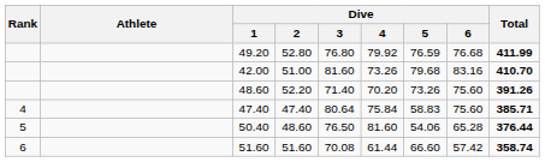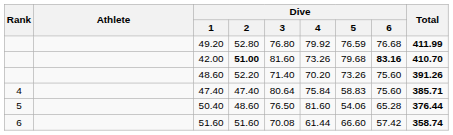 <table class="wikitable" style="text-align:center">
 <tr>
 <th rowspan="2" width="40">Rank</th>
 <th rowspan="2" width="250">Athlete</th>
 <th colspan="6">Dive</th>
 <th rowspan="2" width="60">Total</th>
 </tr>
 <tr>
 <th width="50">1</th>
 <th width="50">2</th>
 <th width="50">3</th>
 <th width="50">4</th>
 <th width="50">5</th>
 <th width="50">6</th>
 </tr>
 <tr>
 <td></td>
 <td align="left"><br></td>
 <td>49.20</td>
 <td>52.80</td>
 <td>76.80</td>
 <td>79.92</td>
 <td>76.59</td>
 <td>76.68</td>
 <td><strong>411.99</strong></td>
 </tr>
 <tr>
 <td></td>
 <td align="left"><br></td>
 <td>42.00</td>
-<td>51.00</td>
+<td><strong>51.00</strong></td>
 <td>81.60</td>
 <td>73.26</td>
 <td>79.68</td>
-<td>83.16</td>
+<td><strong>83.16</strong></td>
 <td><strong>410.70</strong></td>
 </tr>
 <tr>
 <td></td>
 <td align="left"><br></td>
 <td>48.60</td>
 <td>52.20</td>
 <td>71.40</td>
 <td>70.20</td>
 <td>73.26</td>
 <td>75.60</td>
 <td><strong>391.26</strong></td>
 </tr>
 <tr>
 <td>4</td>
 <td align="left"><br></td>
 <td>47.40</td>
 <td>47.40</td>
 <td>80.64</td>
 <td>75.84</td>
 <td>58.83</td>
 <td>75.60</td>
 <td><strong>385.71</strong></td>
 </tr>
 <tr>
 <td>5</td>
 <td align="left"><br></td>
 <td>50.40</td>
 <td>48.60</td>
 <td>76.50</td>
 <td>81.60</td>
 <td>54.06</td>
 <td>65.28</td>
 <td><strong>376.44</strong></td>
 </tr>
 <tr>
 <td>6</td>
 <td align="left"><br></td>
 <td>51.60</td>
 <td>51.60</td>
 <td>70.08</td>
 <td>61.44</td>
 <td>66.60</td>
 <td>57.42</td>
 <td><strong>358.74</strong></td>
 </tr>
 </table>
